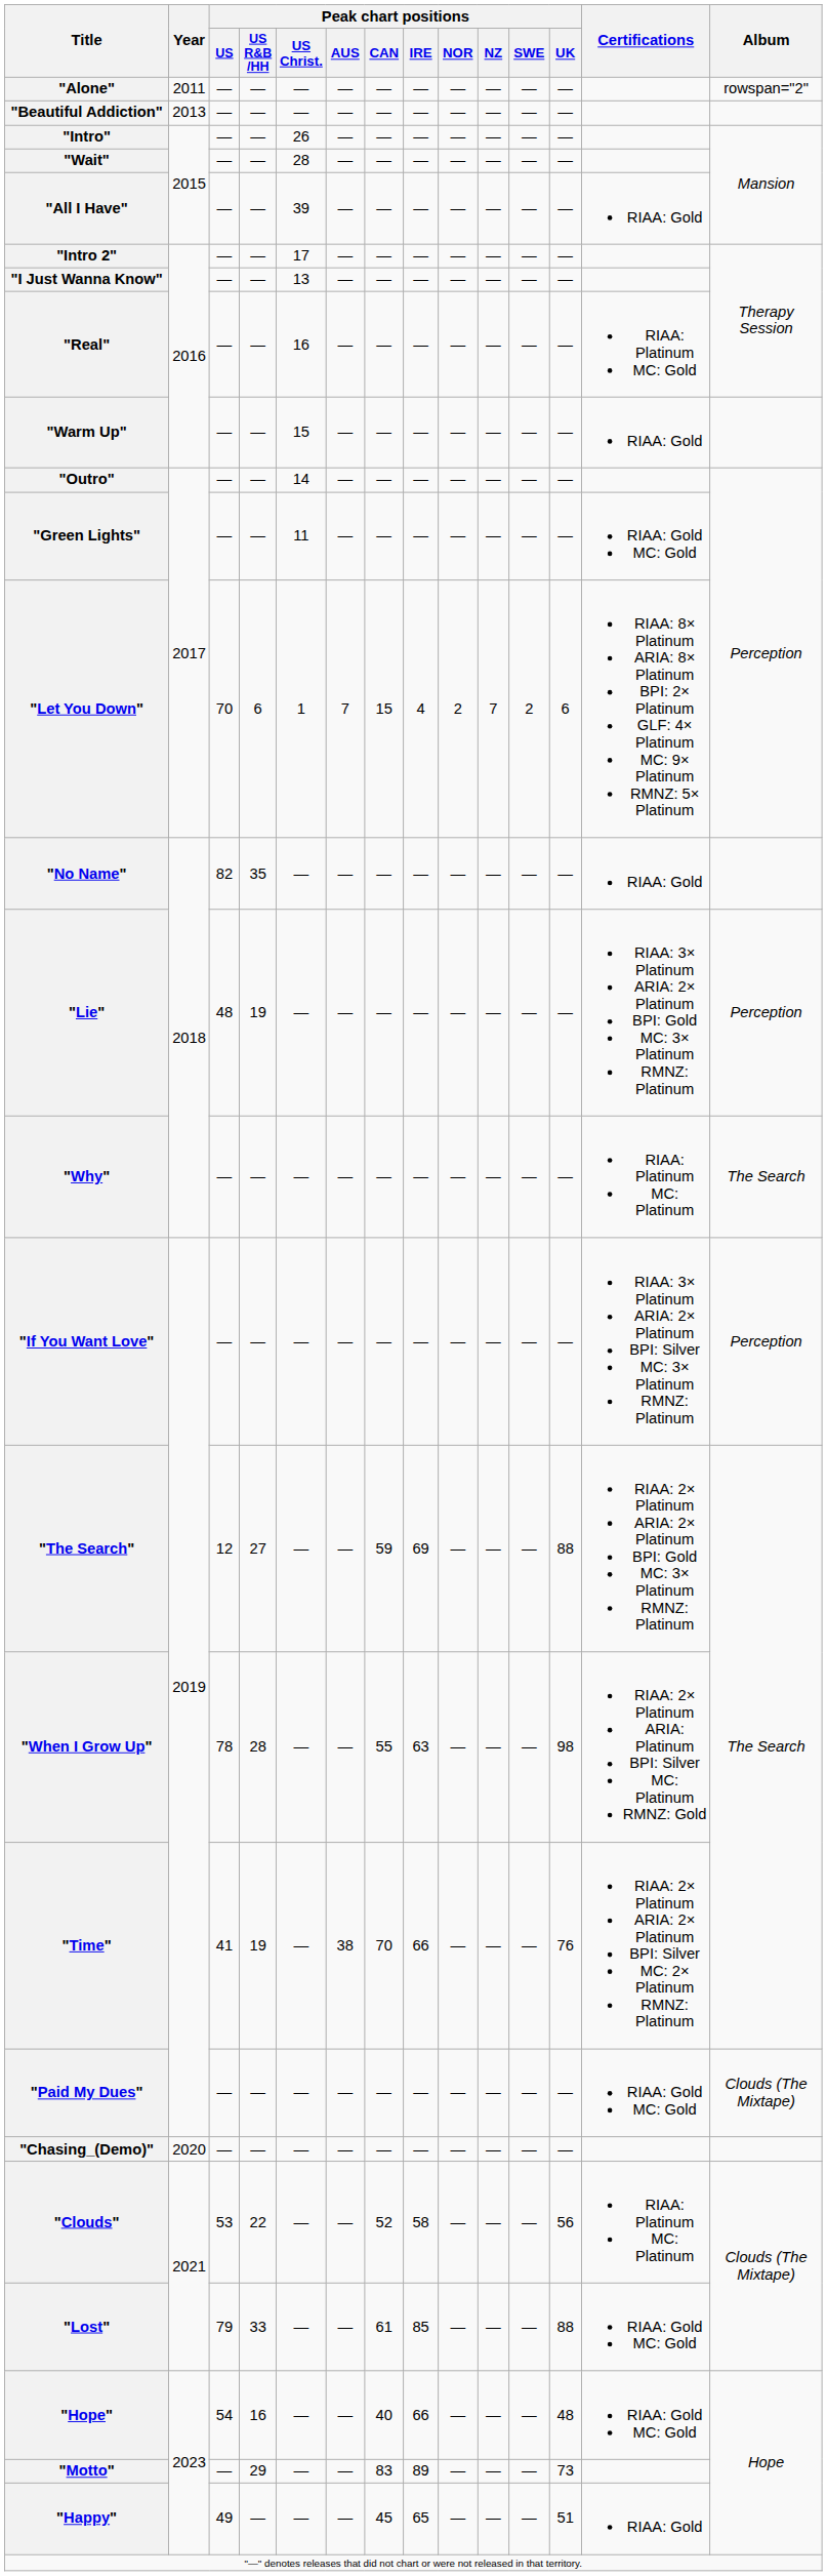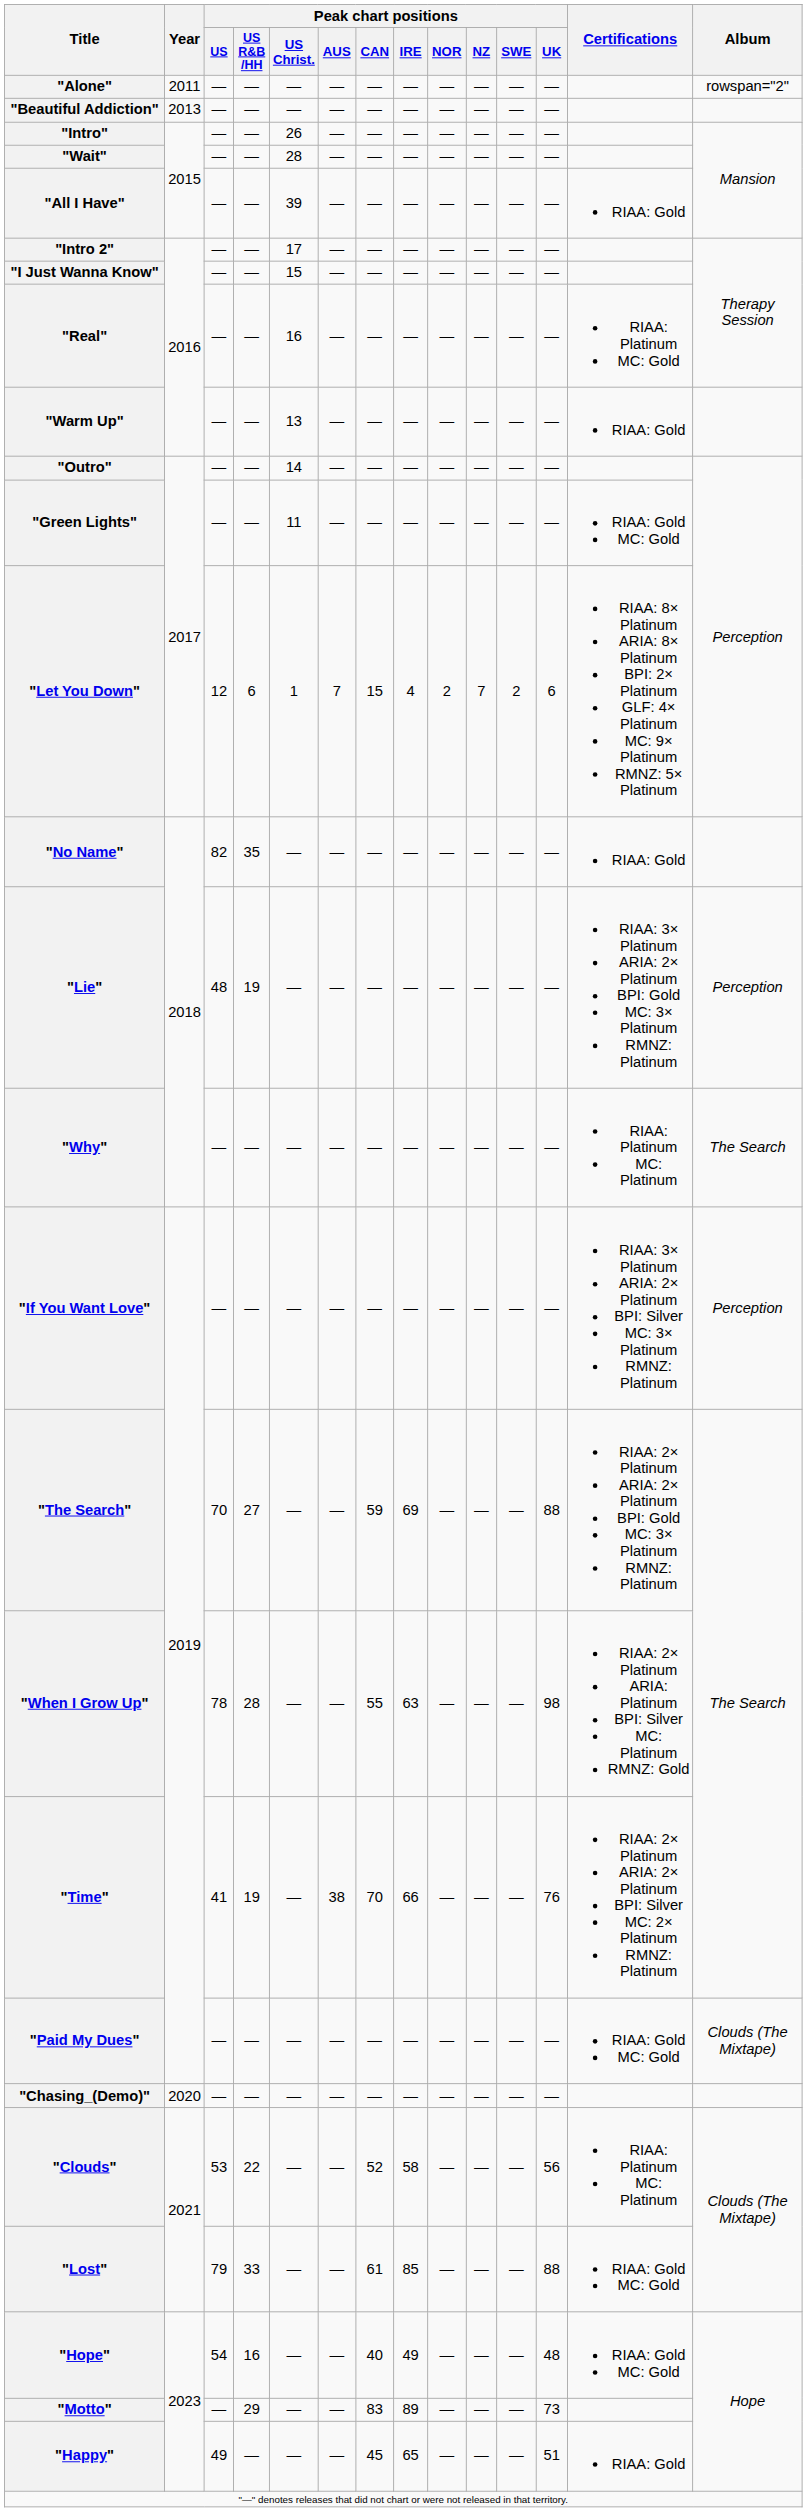 <table class="wikitable plainrowheaders" style="text-align:center;">
 <tr>
 <th scope="col" rowspan="2" style="width:14em;">Title</th>
 <th scope="col" rowspan="2" style="width:1em;">Year</th>
 <th colspan="10" scope="col">Peak chart positions</th>
 <th rowspan="2" scope="col" style="width:12em;"><a href='#'>Certifications</a></th>
 <th scope="col" rowspan="2" style="width:10em;">Album</th>
 </tr>
 <tr>
 <th scope="col" style="width:3em;font-size:85%;"><a href='#'>US</a><br></th>
 <th scope="col" style="width:3em;font-size:85%;"><a href='#'>US<br>R&B<br>/HH</a><br></th>
 <th scope="col" style="width:3em;font-size:90%;"><a href='#'>US<br>Christ.</a><br></th>
 <th scope="col" style="width:3em;font-size:90%;"><a href='#'>AUS</a><br></th>
 <th scope="col" style="width:3em;font-size:90%;"><a href='#'>CAN</a><br></th>
 <th scope="col" style="width:3em;font-size:90%;"><a href='#'>IRE</a><br></th>
 <th scope="col" style="width:3em;font-size:90%;"><a href='#'>NOR</a><br></th>
 <th scope="col" style="width:3em;font-size:90%;"><a href='#'>NZ</a><br></th>
 <th scope="col" style="width:3em;font-size:90%;"><a href='#'>SWE</a><br></th>
 <th scope="col" style="width:3em;font-size:90%;"><a href='#'>UK</a><br></th>
 </tr>
 <tr>
 <th scope="row">"Alone"<br></th>
 <td>2011</td>
 <td>—</td>
 <td>—</td>
 <td>—</td>
 <td>—</td>
 <td>—</td>
 <td>—</td>
 <td>—</td>
 <td>—</td>
 <td>—</td>
 <td>—</td>
 <td></td>
 <td>rowspan="2" </td>
 </tr>
 <tr>
 <th scope="row">"Beautiful Addiction"<br></th>
 <td>2013</td>
 <td>—</td>
 <td>—</td>
 <td>—</td>
 <td>—</td>
 <td>—</td>
 <td>—</td>
 <td>—</td>
 <td>—</td>
 <td>—</td>
 <td>—</td>
 <td></td>
 </tr>
 <tr>
 <th scope="row">"Intro"</th>
 <td rowspan="3">2015</td>
 <td>—</td>
 <td>—</td>
 <td>26</td>
 <td>—</td>
 <td>—</td>
 <td>—</td>
 <td>—</td>
 <td>—</td>
 <td>—</td>
 <td>—</td>
 <td></td>
 <td rowspan="3"><em>Mansion</em></td>
 </tr>
 <tr>
 <th scope="row">"Wait"</th>
 <td>—</td>
 <td>—</td>
 <td>28</td>
 <td>—</td>
 <td>—</td>
 <td>—</td>
 <td>—</td>
 <td>—</td>
 <td>—</td>
 <td>—</td>
 <td></td>
 </tr>
 <tr>
 <th scope="row">"All I Have"</th>
 <td>—</td>
 <td>—</td>
 <td>39</td>
 <td>—</td>
 <td>—</td>
 <td>—</td>
 <td>—</td>
 <td>—</td>
 <td>—</td>
 <td>—</td>
 <td><br><ul><li>RIAA: Gold</li></ul></td>
 </tr>
 <tr>
 <th scope="row">"Intro 2"</th>
 <td rowspan="4">2016</td>
 <td>—</td>
 <td>—</td>
 <td>17</td>
 <td>—</td>
 <td>—</td>
 <td>—</td>
 <td>—</td>
 <td>—</td>
 <td>—</td>
 <td>—</td>
 <td></td>
 <td rowspan="3"><em>Therapy Session</em></td>
 </tr>
 <tr>
 <th scope="row">"I Just Wanna Know"</th>
 <td>—</td>
 <td>—</td>
-<td>13</td>
+<td>15</td>
 <td>—</td>
 <td>—</td>
 <td>—</td>
 <td>—</td>
 <td>—</td>
 <td>—</td>
 <td>—</td>
 <td></td>
 </tr>
 <tr>
 <th scope="row">"Real"</th>
 <td>—</td>
 <td>—</td>
 <td>16</td>
 <td>—</td>
 <td>—</td>
 <td>—</td>
 <td>—</td>
 <td>—</td>
 <td>—</td>
 <td>—</td>
 <td><br><ul><li>RIAA: Platinum</li><li>MC: Gold</li></ul></td>
 </tr>
 <tr>
 <th scope="row">"Warm Up"</th>
 <td>—</td>
 <td>—</td>
-<td>15</td>
+<td>13</td>
 <td>—</td>
 <td>—</td>
 <td>—</td>
 <td>—</td>
 <td>—</td>
 <td>—</td>
 <td>—</td>
 <td><br><ul><li>RIAA: Gold</li></ul></td>
 <td></td>
 </tr>
 <tr>
 <th scope="row">"Outro"</th>
 <td rowspan="3">2017</td>
 <td>—</td>
 <td>—</td>
 <td>14</td>
 <td>—</td>
 <td>—</td>
 <td>—</td>
 <td>—</td>
 <td>—</td>
 <td>—</td>
 <td>—</td>
 <td></td>
 <td rowspan="3"><em>Perception</em></td>
 </tr>
 <tr>
 <th scope="row">"Green Lights"</th>
 <td>—</td>
 <td>—</td>
 <td>11</td>
 <td>—</td>
 <td>—</td>
 <td>—</td>
 <td>—</td>
 <td>—</td>
 <td>—</td>
 <td>—</td>
 <td><br><ul><li>RIAA: Gold</li><li>MC: Gold</li></ul></td>
 </tr>
 <tr>
 <th scope="row">"<a href='#'>Let You Down</a>"</th>
-<td>70</td>
+<td>12</td>
 <td>6</td>
 <td>1</td>
 <td>7</td>
 <td>15</td>
 <td>4</td>
 <td>2</td>
 <td>7</td>
 <td>2</td>
 <td>6</td>
 <td><br><ul><li>RIAA: 8× Platinum</li><li>ARIA: 8× Platinum</li><li>BPI: 2× Platinum</li><li>GLF: 4× Platinum</li><li>MC: 9× Platinum</li><li>RMNZ: 5× Platinum</li></ul></td>
 </tr>
 <tr>
 <th scope="row">"<a href='#'>No Name</a>"</th>
 <td rowspan="3">2018</td>
 <td>82</td>
 <td>35</td>
 <td>—</td>
 <td>—</td>
 <td>—</td>
 <td>—</td>
 <td>—</td>
 <td>—</td>
 <td>—</td>
 <td>—</td>
 <td><br><ul><li>RIAA: Gold</li></ul></td>
 <td></td>
 </tr>
 <tr>
 <th scope="row">"<a href='#'>Lie</a>"</th>
 <td>48</td>
 <td>19</td>
 <td>—</td>
 <td>—</td>
 <td>—</td>
 <td>—</td>
 <td>—</td>
 <td>—</td>
 <td>—</td>
 <td>—</td>
 <td><br><ul><li>RIAA: 3× Platinum</li><li>ARIA: 2× Platinum</li><li>BPI: Gold</li><li>MC: 3× Platinum</li><li>RMNZ: Platinum</li></ul></td>
 <td><em>Perception</em></td>
 </tr>
 <tr>
 <th scope="row">"<a href='#'>Why</a>"</th>
 <td>—</td>
 <td>—</td>
 <td>—</td>
 <td>—</td>
 <td>—</td>
 <td>—</td>
 <td>—</td>
 <td>—</td>
 <td>—</td>
 <td>—</td>
 <td><br><ul><li>RIAA: Platinum</li><li>MC: Platinum</li></ul></td>
 <td><em>The Search</em></td>
 </tr>
 <tr>
 <th scope="row">"<a href='#'>If You Want Love</a>"</th>
 <td rowspan="5">2019</td>
 <td>—</td>
 <td>—</td>
 <td>—</td>
 <td>—</td>
 <td>—</td>
 <td>—</td>
 <td>—</td>
 <td>—</td>
 <td>—</td>
 <td>—</td>
 <td><br><ul><li>RIAA: 3× Platinum</li><li>ARIA: 2× Platinum</li><li>BPI: Silver</li><li>MC: 3× Platinum</li><li>RMNZ: Platinum</li></ul></td>
 <td><em>Perception</em></td>
 </tr>
 <tr>
 <th scope="row">"<a href='#'>The Search</a>"</th>
-<td>12</td>
+<td>70</td>
 <td>27</td>
 <td>—</td>
 <td>—</td>
 <td>59</td>
 <td>69</td>
 <td>—</td>
 <td>—</td>
 <td>—</td>
 <td>88</td>
 <td><br><ul><li>RIAA: 2× Platinum</li><li>ARIA: 2× Platinum</li><li>BPI: Gold</li><li>MC: 3× Platinum</li><li>RMNZ: Platinum</li></ul></td>
 <td rowspan="3"><em>The Search</em></td>
 </tr>
 <tr>
 <th scope="row">"<a href='#'>When I Grow Up</a>"</th>
 <td>78</td>
 <td>28</td>
 <td>—</td>
 <td>—</td>
 <td>55</td>
 <td>63</td>
 <td>—</td>
 <td>—</td>
 <td>—</td>
 <td>98</td>
 <td><br><ul><li>RIAA: 2× Platinum</li><li>ARIA: Platinum</li><li>BPI: Silver</li><li>MC: Platinum</li><li>RMNZ: Gold</li></ul></td>
 </tr>
 <tr>
 <th scope="row">"<a href='#'>Time</a>"</th>
 <td>41</td>
 <td>19</td>
 <td>—</td>
 <td>38</td>
 <td>70</td>
 <td>66</td>
 <td>—</td>
 <td>—</td>
 <td>—</td>
 <td>76</td>
 <td><br><ul><li>RIAA: 2× Platinum</li><li>ARIA: 2× Platinum</li><li>BPI: Silver</li><li>MC: 2× Platinum</li><li>RMNZ: Platinum</li></ul></td>
 </tr>
 <tr>
 <th scope="row">"<a href='#'>Paid My Dues</a>"</th>
 <td>—</td>
 <td>—</td>
 <td>—</td>
 <td>—</td>
 <td>—</td>
 <td>—</td>
 <td>—</td>
 <td>—</td>
 <td>—</td>
 <td>—</td>
 <td><br><ul><li>RIAA: Gold</li><li>MC: Gold</li></ul></td>
 <td><em>Clouds (The Mixtape)</em></td>
 </tr>
 <tr>
 <th scope="row">"Chasing_(Demo)"<br></th>
 <td>2020</td>
 <td>—</td>
 <td>—</td>
 <td>—</td>
 <td>—</td>
 <td>—</td>
 <td>—</td>
 <td>—</td>
 <td>—</td>
 <td>—</td>
 <td>—</td>
 <td></td>
 <td></td>
 </tr>
 <tr>
 <th scope="row">"<a href='#'>Clouds</a>"</th>
 <td rowspan="2">2021</td>
 <td>53</td>
 <td>22</td>
 <td>—</td>
 <td>—</td>
 <td>52</td>
 <td>58</td>
 <td>—</td>
 <td>—</td>
 <td>—</td>
 <td>56</td>
 <td><br><ul><li>RIAA: Platinum</li><li>MC: Platinum</li></ul></td>
 <td rowspan="2"><em>Clouds (The Mixtape)</em></td>
 </tr>
 <tr>
 <th scope="row">"<a href='#'>Lost</a>" <br></th>
 <td>79</td>
 <td>33</td>
 <td>—</td>
 <td>—</td>
 <td>61</td>
 <td>85</td>
 <td>—</td>
 <td>—</td>
 <td>—</td>
 <td>88</td>
 <td><br><ul><li>RIAA: Gold</li><li>MC: Gold</li></ul></td>
 </tr>
 <tr>
 <th scope="row">"<a href='#'>Hope</a>"</th>
 <td rowspan="3">2023</td>
 <td>54</td>
 <td>16</td>
 <td>—</td>
 <td>—</td>
 <td>40</td>
-<td>66</td>
+<td>49</td>
 <td>—</td>
 <td>—</td>
 <td>—</td>
 <td>48</td>
 <td><br><ul><li>RIAA: Gold</li><li>MC: Gold</li></ul></td>
 <td rowspan="3"><em>Hope</em></td>
 </tr>
 <tr>
 <th scope="row">"<a href='#'>Motto</a>"</th>
 <td>—</td>
 <td>29</td>
 <td>—</td>
 <td>—</td>
 <td>83</td>
 <td>89</td>
 <td>—</td>
 <td>—</td>
 <td>—</td>
 <td>73</td>
 <td></td>
 </tr>
 <tr>
 <th scope="row">"<a href='#'>Happy</a>"</th>
 <td>49</td>
 <td>—</td>
 <td>—</td>
 <td>—</td>
 <td>45</td>
 <td>65</td>
 <td>—</td>
 <td>—</td>
 <td>—</td>
 <td>51</td>
 <td><br><ul><li>RIAA: Gold</li></ul></td>
 </tr>
 <tr>
 <td colspan="15" style="font-size:8pt">"—" denotes releases that did not chart or were not released in that territory.</td>
 </tr>
 </table>
